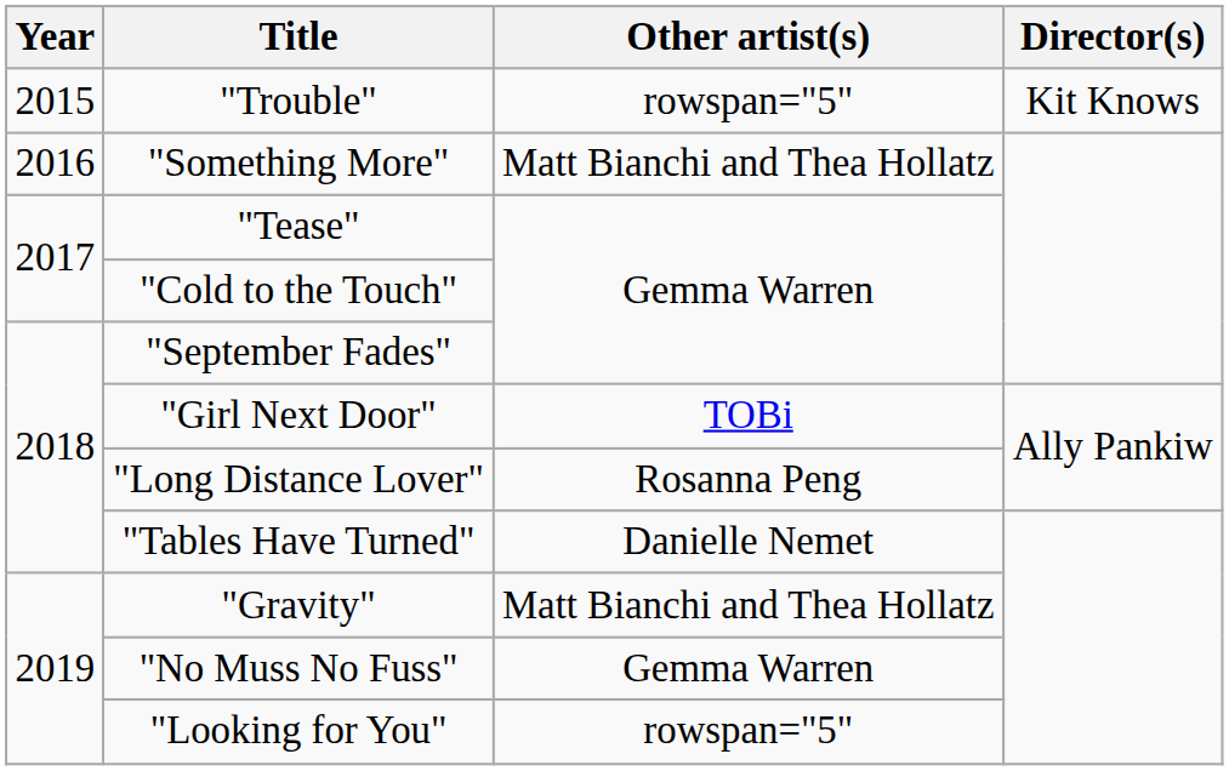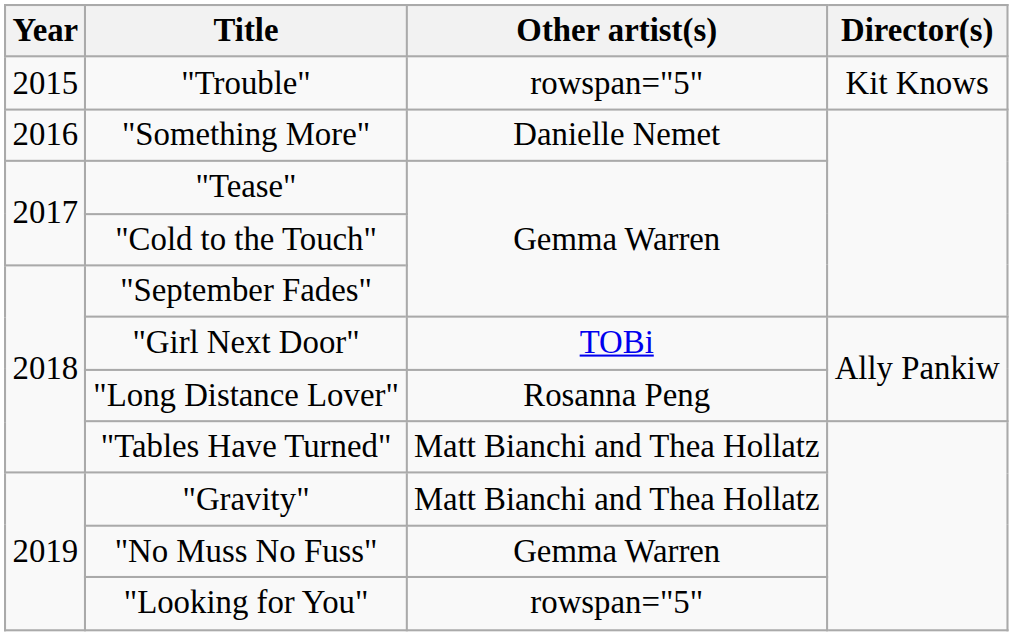 <table class="wikitable" style="text-align:center;">
 <tr>
 <th>Year</th>
 <th>Title</th>
 <th>Other artist(s)</th>
 <th>Director(s)</th>
 </tr>
 <tr>
 <td>2015</td>
 <td>"Trouble"</td>
 <td>rowspan="5" </td>
 <td>Kit Knows</td>
 </tr>
 <tr>
 <td>2016</td>
 <td>"Something More"</td>
-<td>Matt Bianchi and Thea Hollatz</td>
+<td>Danielle Nemet</td>
 </tr>
 <tr>
 <td rowspan="2">2017</td>
 <td>"Tease"</td>
 <td rowspan="3">Gemma Warren</td>
 </tr>
 <tr>
 <td>"Cold to the Touch"</td>
 </tr>
 <tr>
 <td rowspan="4">2018</td>
 <td>"September Fades"</td>
 </tr>
 <tr>
 <td>"Girl Next Door"</td>
 <td><a href='#'>TOBi</a></td>
 <td rowspan="2">Ally Pankiw</td>
 </tr>
 <tr>
 <td>"Long Distance Lover"</td>
 <td>Rosanna Peng</td>
 </tr>
 <tr>
 <td>"Tables Have Turned"</td>
-<td>Danielle Nemet</td>
+<td>Matt Bianchi and Thea Hollatz</td>
 </tr>
 <tr>
 <td rowspan="3">2019</td>
 <td>"Gravity"</td>
 <td>Matt Bianchi and Thea Hollatz</td>
 </tr>
 <tr>
 <td>"No Muss No Fuss"</td>
 <td>Gemma Warren</td>
 </tr>
 <tr>
 <td>"Looking for You"</td>
 <td>rowspan="5" </td>
 </tr>
 </table>
